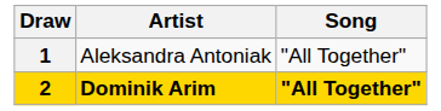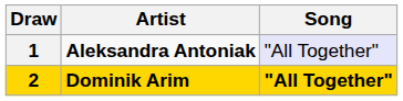 <table class="wikitable plainrowheaders" style="margin: 1em auto 1em auto;">
 <tr>
 <th scope="col">Draw</th>
 <th scope="col">Artist</th>
 <th scope="col">Song</th>
 </tr>
 <tr>
 <th scope="row" style="text-align:center;">1</th>
-<td>Aleksandra Antoniak</td>
-<td>"All Together"</td>
+<td><strong>Aleksandra Antoniak</strong></td>
+<td style="background: lavender;">"All Together"</td>
 </tr>
 <tr style="font-weight:bold; background:gold;">
 <th scope="row" style="text-align:center; font-weight:bold; background:gold;">2</th>
 <td>Dominik Arim</td>
 <td>"All Together"</td>
 </tr>
 </table>
